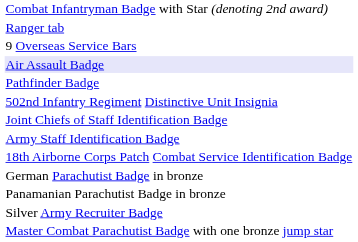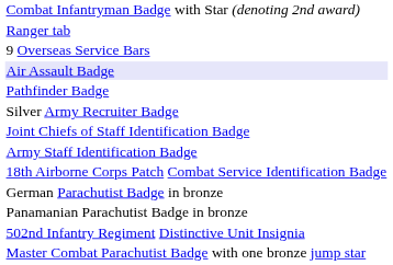 <table>
 <tr>
 <td> <a href='#'>Combat Infantryman Badge</a> with Star <em>(denoting 2nd award)</em></td>
 </tr>
 <tr>
 <td> <a href='#'>Ranger tab</a></td>
 </tr>
 <tr>
 <td> 9 <a href='#'>Overseas Service Bars</a></td>
 </tr>
 <tr>
 <td style="background: lavender;"> <a href='#'>Air Assault Badge</a></td>
 </tr>
 <tr>
 <td> <a href='#'>Pathfinder Badge</a></td>
 </tr>
 <tr>
-<td> <a href='#'>502nd Infantry Regiment</a> <a href='#'>Distinctive Unit Insignia</a></td>
+<td> Silver <a href='#'>Army Recruiter Badge</a></td>
 </tr>
 <tr>
 <td> <a href='#'>Joint Chiefs of Staff Identification Badge</a></td>
 </tr>
 <tr>
 <td> <a href='#'>Army Staff Identification Badge</a></td>
 </tr>
 <tr>
 <td> <a href='#'>18th Airborne Corps Patch</a> <a href='#'>Combat Service Identification Badge</a></td>
 </tr>
 <tr>
 <td> German <a href='#'>Parachutist Badge</a> in bronze</td>
 </tr>
 <tr>
 <td> Panamanian Parachutist Badge in bronze</td>
 </tr>
 <tr>
-<td> Silver <a href='#'>Army Recruiter Badge</a></td>
+<td> <a href='#'>502nd Infantry Regiment</a> <a href='#'>Distinctive Unit Insignia</a></td>
 </tr>
 <tr>
 <td><span></span> <a href='#'>Master Combat Parachutist Badge</a> with one bronze <a href='#'>jump star</a></td>
 </tr>
 </table>
